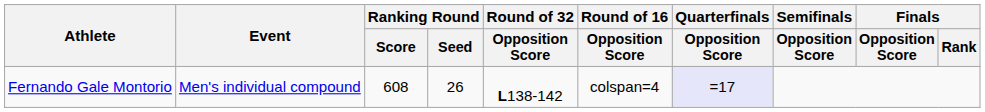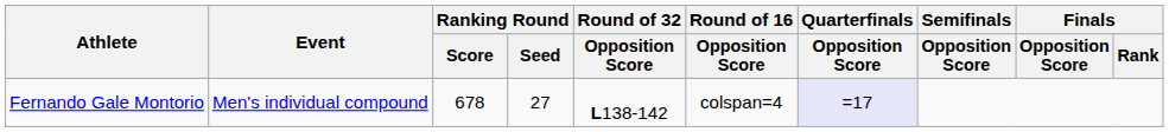 <table class="wikitable" style="text-align: center; font-size:90%">
 <tr>
 <th rowspan="2">Athlete</th>
 <th rowspan="2">Event</th>
 <th colspan="2">Ranking Round</th>
 <th>Round of 32</th>
 <th>Round of 16</th>
 <th>Quarterfinals</th>
 <th>Semifinals</th>
 <th colspan="2">Finals</th>
 </tr>
 <tr style="font-size:95%">
 <th>Score</th>
 <th>Seed</th>
 <th>Opposition<br>Score</th>
 <th>Opposition<br>Score</th>
 <th>Opposition<br>Score</th>
 <th>Opposition<br>Score</th>
 <th>Opposition<br>Score</th>
 <th>Rank</th>
 </tr>
 <tr>
 <td align=left><a href='#'>Fernando Gale Montorio</a></td>
 <td align=left><a href='#'>Men's individual compound</a></td>
-<td>608</td>
-<td>26</td>
+<td>678</td>
+<td>27</td>
 <td><br><strong>L</strong>138-142</td>
 <td>colspan=4 </td>
 <td style="background: lavender;">=17</td>
 </tr>
 </table>
